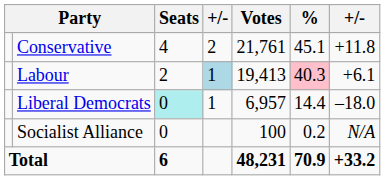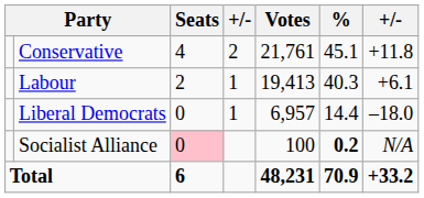 <table class="wikitable sortable">
 <tr>
 <th colspan="2">Party</th>
 <th>Seats</th>
 <th>+/-</th>
 <th>Votes</th>
 <th>%</th>
 <th>+/-</th>
 </tr>
 <tr>
 <td style="background-color: "></td>
 <td><a href='#'>Conservative</a></td>
 <td>4</td>
 <td> 2</td>
 <td style="text-align:right;">21,761</td>
 <td style="text-align:right;">45.1</td>
 <td style="text-align:right;">+11.8</td>
 </tr>
 <tr>
 <td style="background-color: "></td>
 <td><a href='#'>Labour</a></td>
 <td>2</td>
-<td style="background: lightblue;"> 1</td>
+<td> 1</td>
 <td style="text-align:right;">19,413</td>
-<td style="background: pink; text-align:right;">40.3</td>
+<td style="text-align:right;">40.3</td>
 <td style="text-align:right;">+6.1</td>
 </tr>
 <tr>
 <td style="background-color: "></td>
 <td><a href='#'>Liberal Democrats</a></td>
-<td style="background: paleturquoise;">0</td>
+<td>0</td>
 <td> 1</td>
 <td style="text-align:right;">6,957</td>
 <td style="text-align:right;">14.4</td>
 <td style="text-align:right;">–18.0</td>
 </tr>
 <tr>
 <td style="background-color: "></td>
 <td>Socialist Alliance</td>
-<td>0</td>
+<td style="background: pink;">0</td>
 <td></td>
 <td style="text-align:right;">100</td>
-<td style="text-align:right;">0.2</td>
+<td style="text-align:right;"><strong>0.2</strong></td>
 <td style="text-align:right;"><em>N/A</em></td>
 </tr>
 <tr>
 <td colspan="2"><strong>Total</strong></td>
 <td><strong>6</strong></td>
 <td></td>
 <td style="text-align:right;"><strong>48,231</strong></td>
 <td style="text-align:right;"><strong>70.9</strong></td>
 <td style="text-align:right;"><strong>+33.2</strong></td>
 </tr>
 </table>
